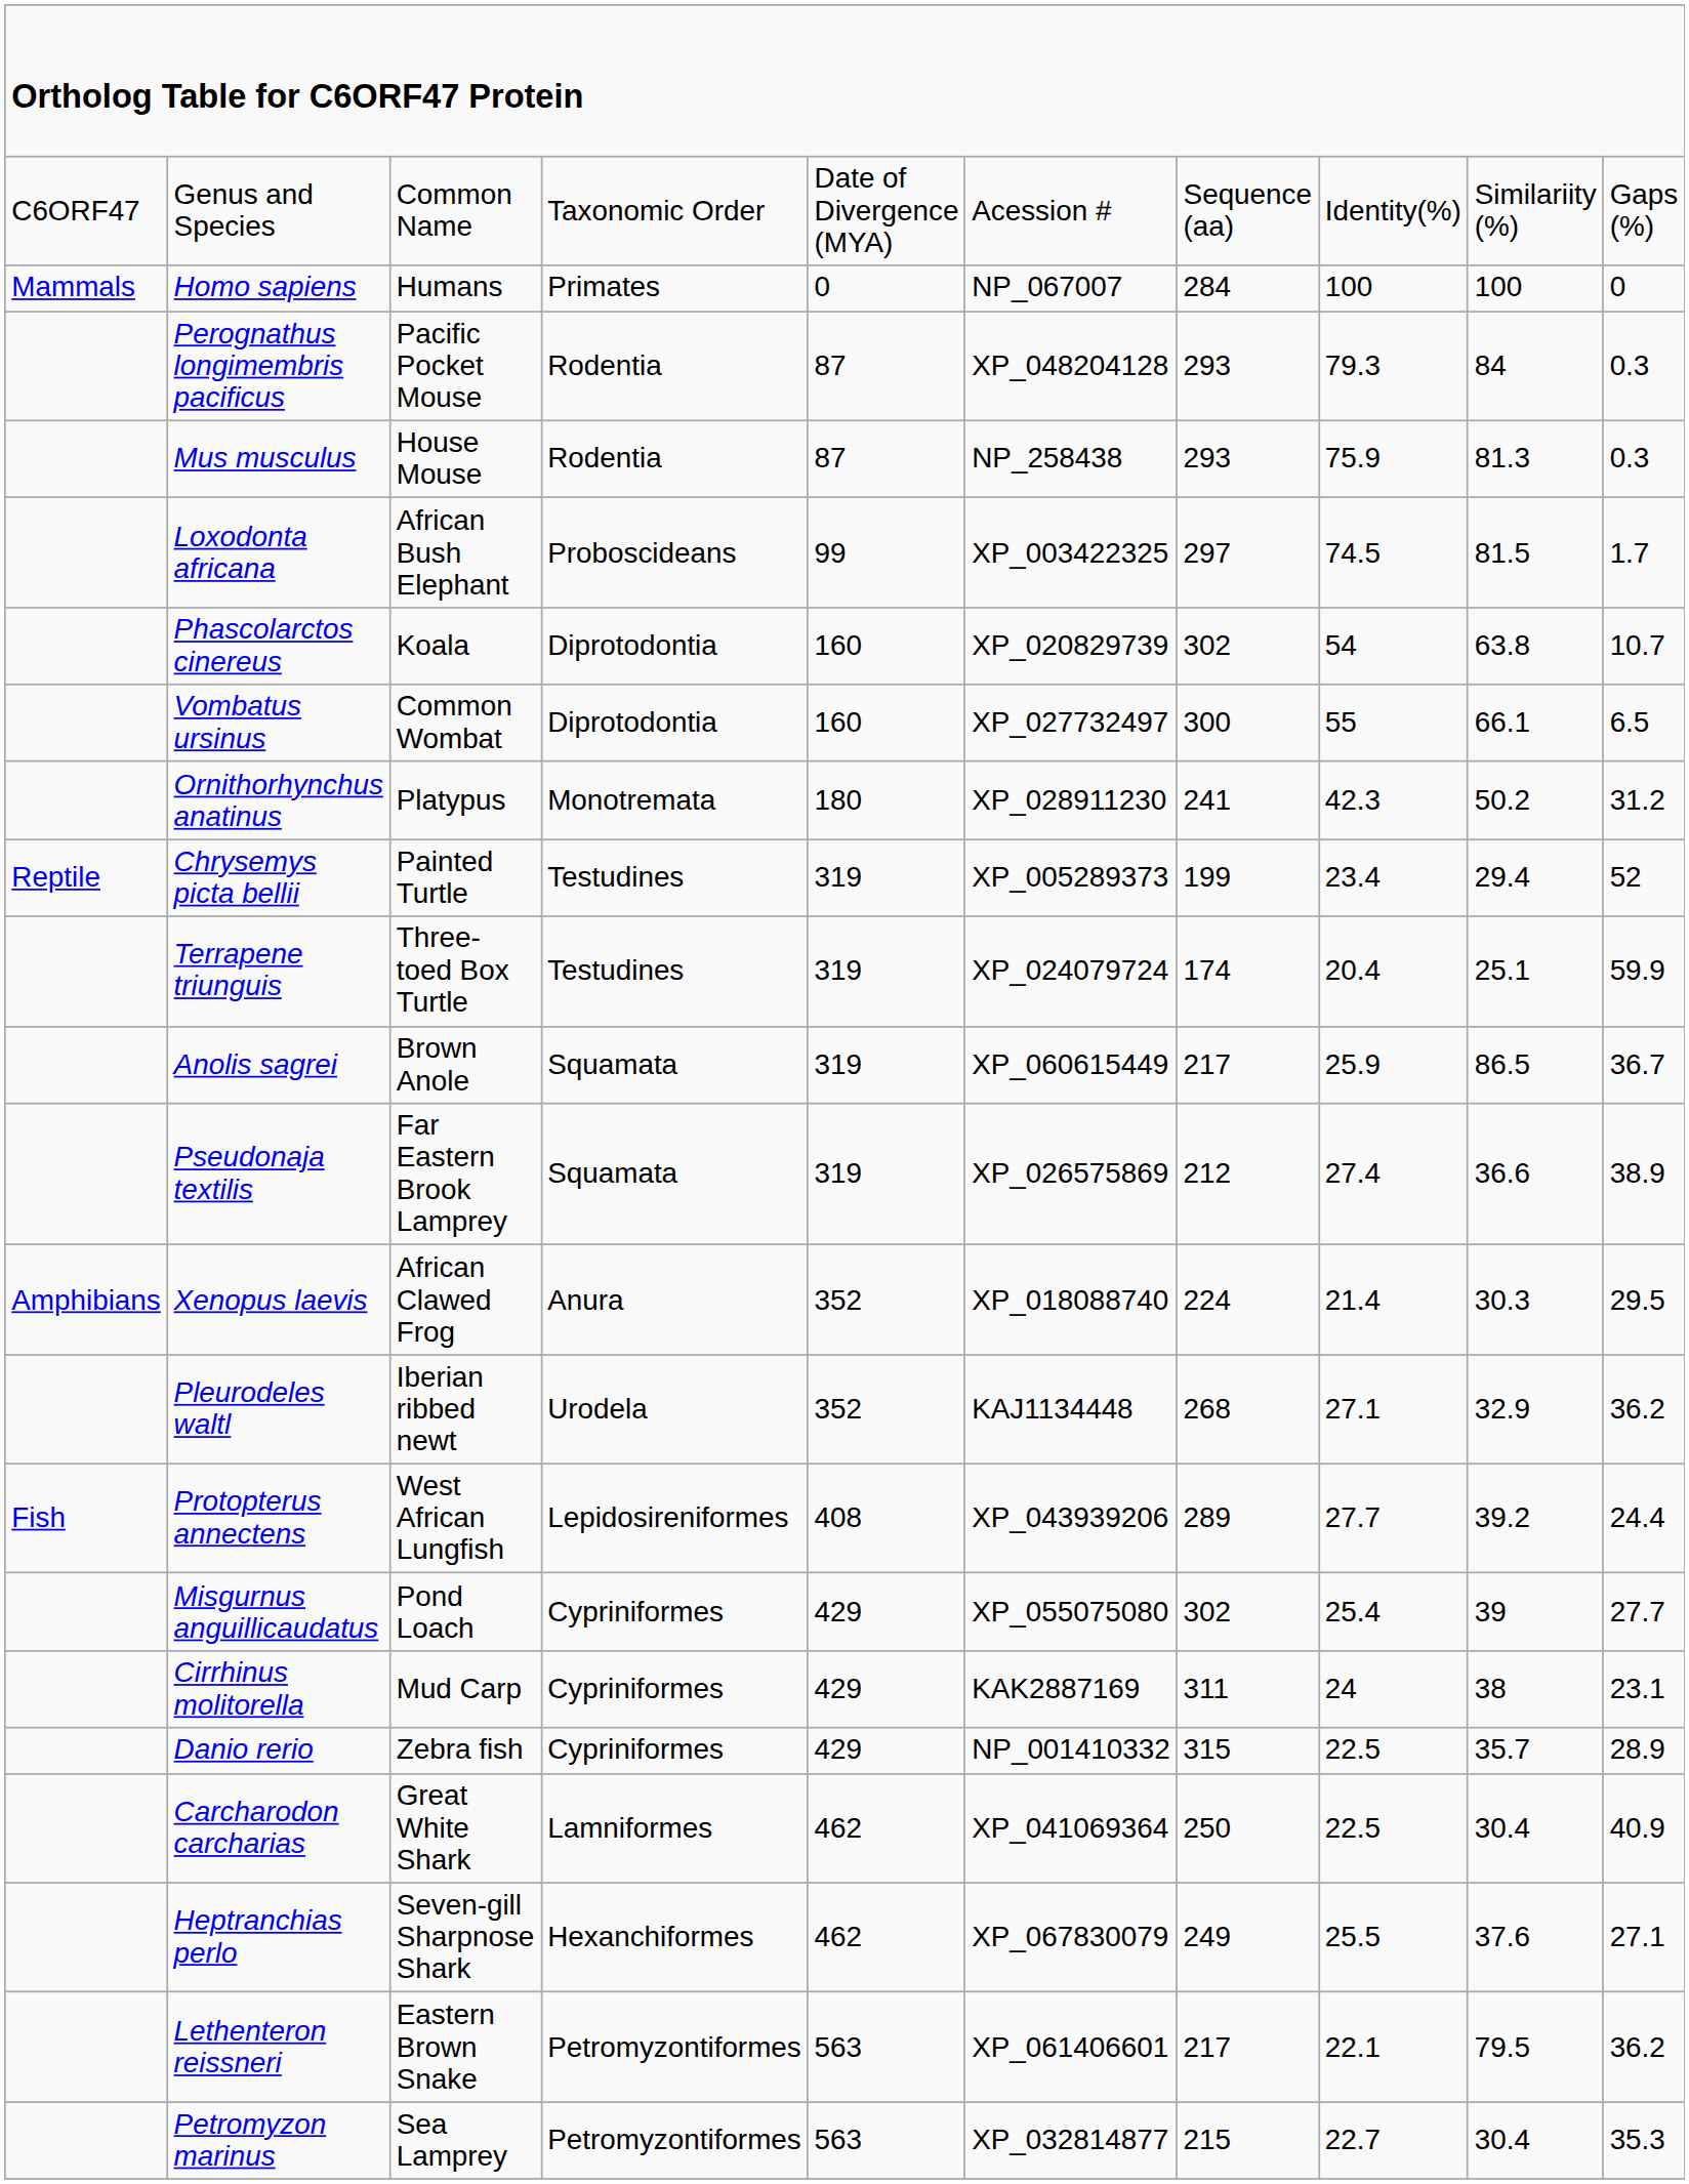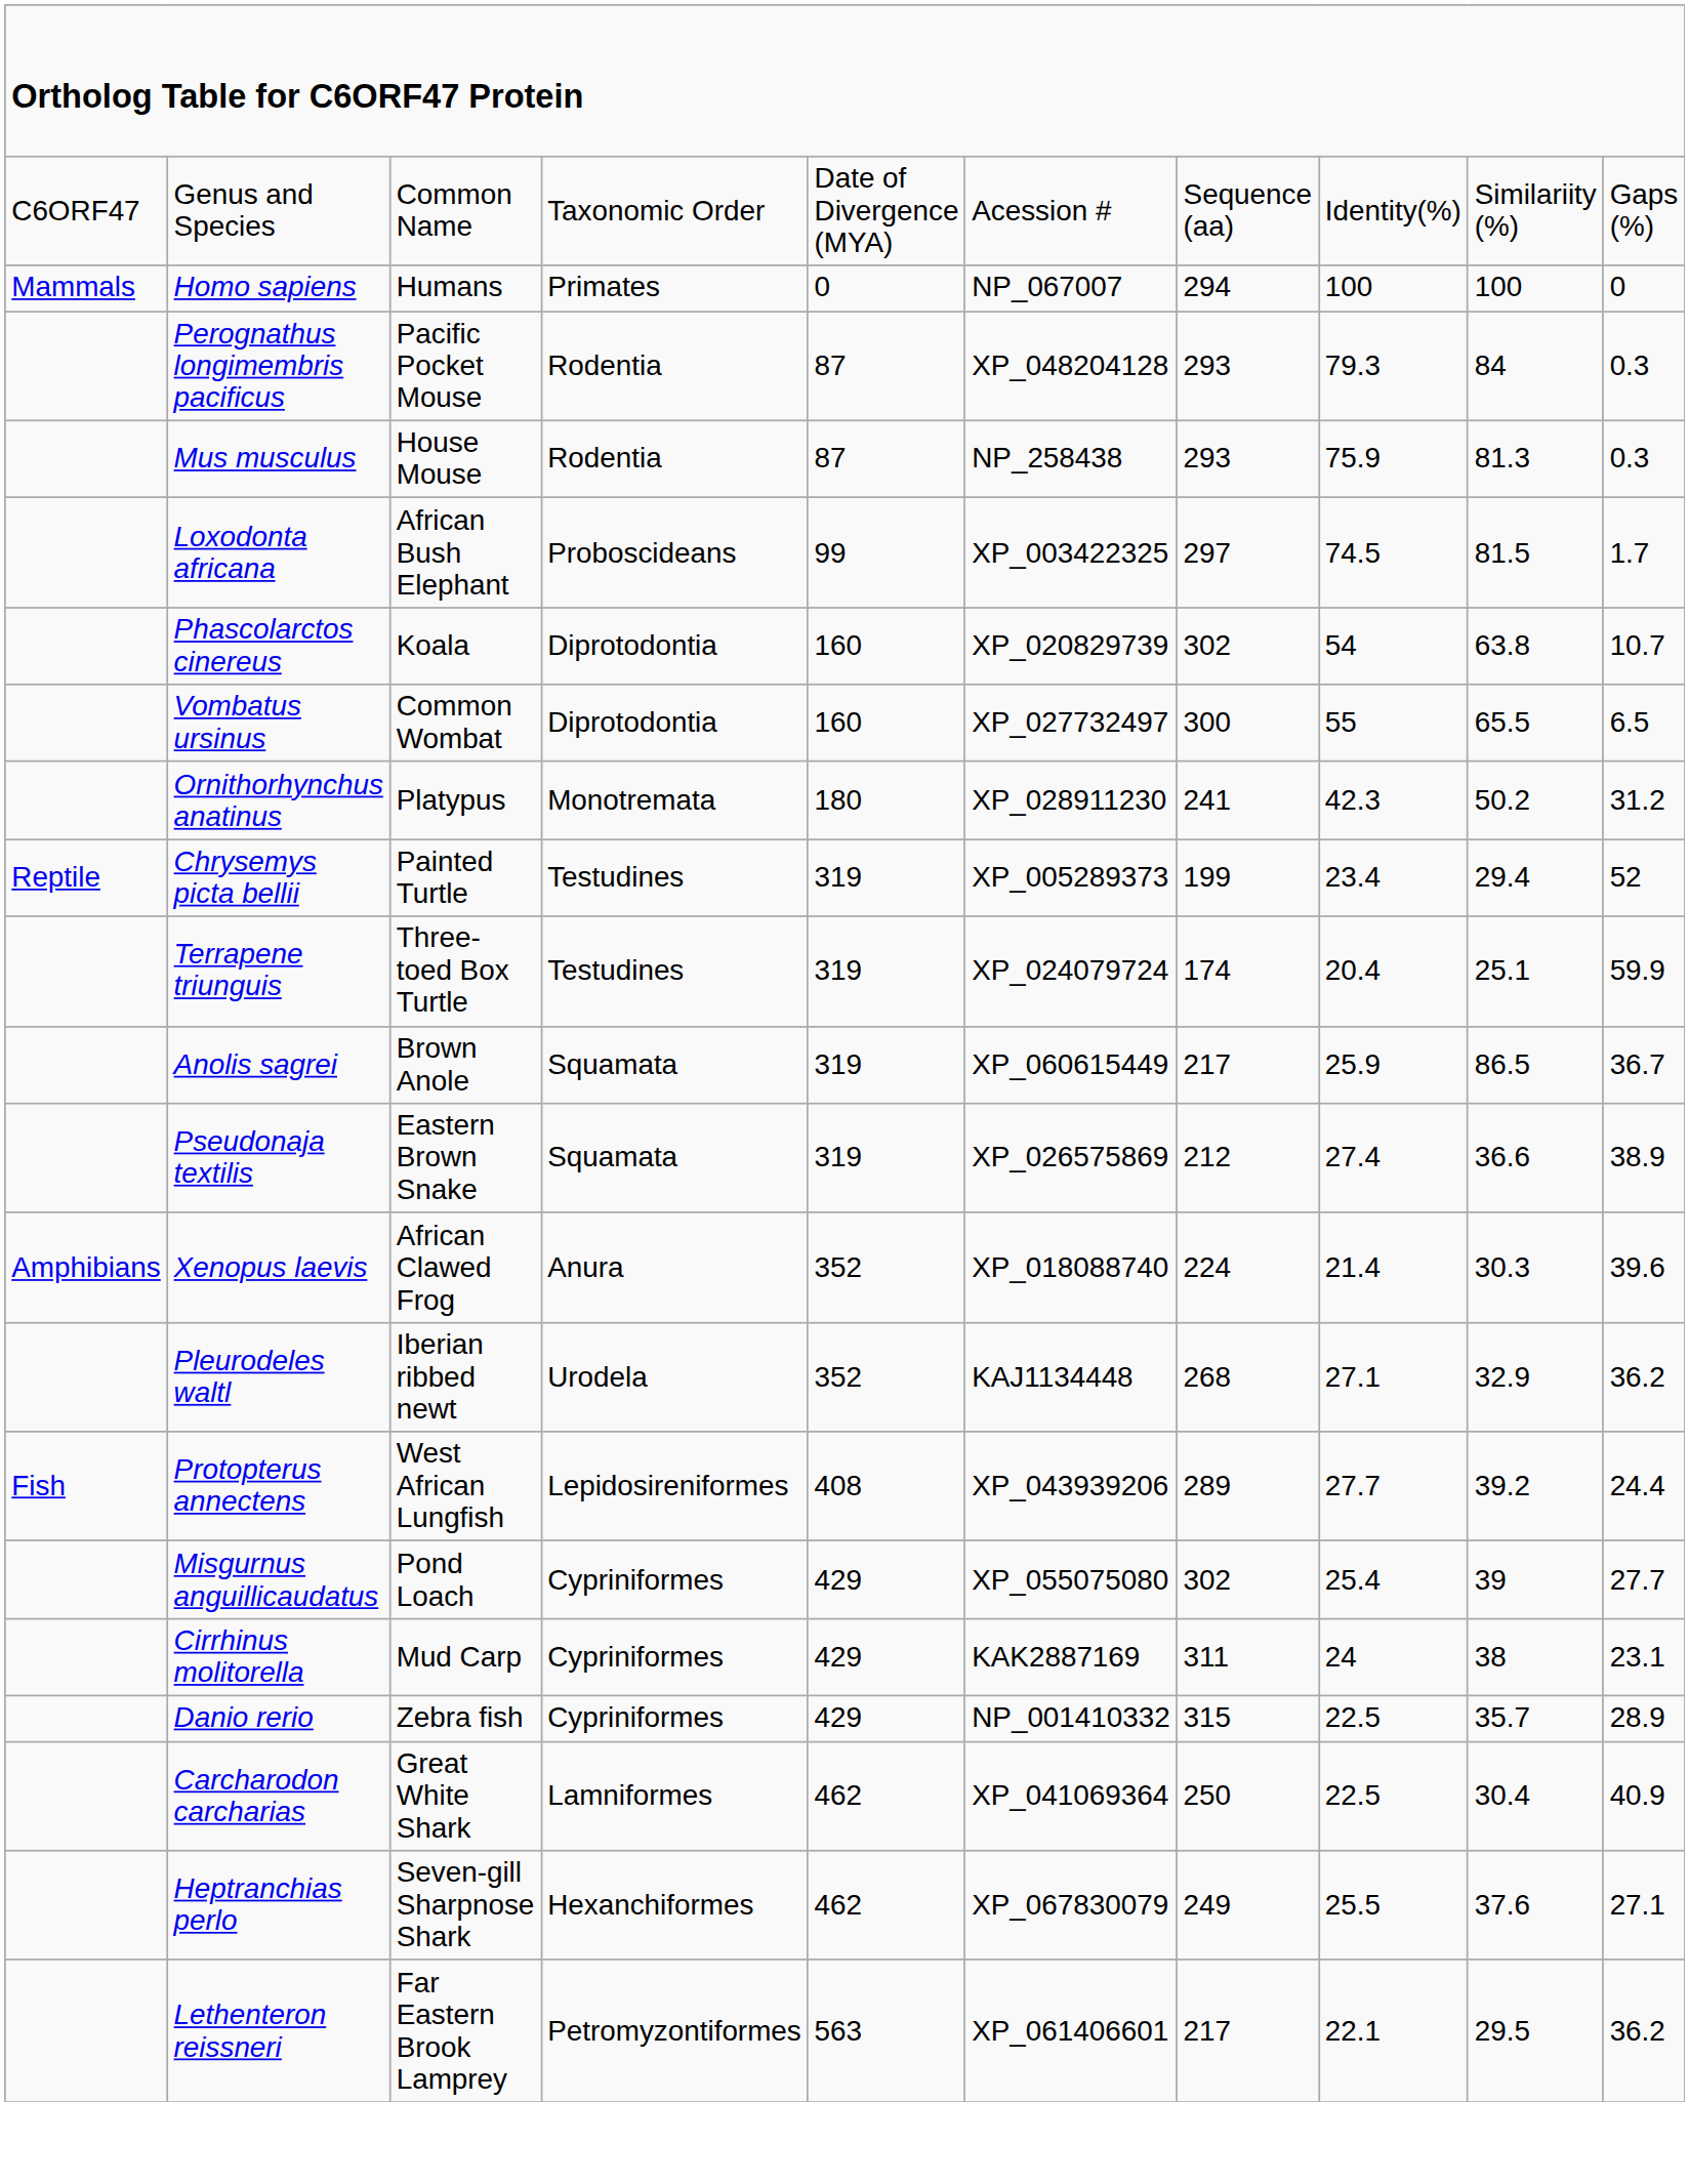 <table class="wikitable mw-collapsible mw-collapsed">
 <tr>
 <td colspan="10"><br><h3>Ortholog Table for C6ORF47 Protein</h3></td>
 </tr>
 <tr>
 <td>C6ORF47</td>
 <td>Genus and Species</td>
 <td>Common Name</td>
 <td>Taxonomic Order</td>
 <td>Date of Divergence (MYA)</td>
 <td>Acession #</td>
 <td>Sequence (aa)</td>
 <td>Identity(%)</td>
 <td>Similariity (%)</td>
 <td>Gaps (%)</td>
 </tr>
 <tr>
 <td><a href='#'>Mammals</a></td>
 <td><a href='#'><em>Homo sapiens</em></a></td>
 <td>Humans</td>
 <td>Primates</td>
 <td>0</td>
 <td>NP_067007</td>
-<td>284</td>
+<td>294</td>
 <td>100</td>
 <td>100</td>
 <td>0</td>
 </tr>
 <tr>
 <td></td>
 <td><a href='#'><em>Perognathus longimembris pacificus</em></a></td>
 <td>Pacific Pocket Mouse</td>
 <td>Rodentia</td>
 <td>87</td>
 <td>XP_048204128</td>
 <td>293</td>
 <td>79.3</td>
 <td>84</td>
 <td>0.3</td>
 </tr>
 <tr>
 <td></td>
 <td><a href='#'><em>Mus musculus</em></a></td>
 <td>House Mouse</td>
 <td>Rodentia</td>
 <td>87</td>
 <td>NP_258438</td>
 <td>293</td>
 <td>75.9</td>
 <td>81.3</td>
 <td>0.3</td>
 </tr>
 <tr>
 <td></td>
 <td><a href='#'><em>Loxodonta africana</em></a></td>
 <td>African Bush Elephant</td>
 <td>Proboscideans</td>
 <td>99</td>
 <td>XP_003422325</td>
 <td>297</td>
 <td>74.5</td>
 <td>81.5</td>
 <td>1.7</td>
 </tr>
 <tr>
 <td></td>
 <td><a href='#'><em>Phascolarctos cinereus</em></a></td>
 <td>Koala</td>
 <td>Diprotodontia</td>
 <td>160</td>
 <td>XP_020829739</td>
 <td>302</td>
 <td>54</td>
 <td>63.8</td>
 <td>10.7</td>
 </tr>
 <tr>
 <td></td>
 <td><a href='#'><em>Vombatus ursinus</em></a></td>
 <td>Common Wombat</td>
 <td>Diprotodontia</td>
 <td>160</td>
 <td>XP_027732497</td>
 <td>300</td>
 <td>55</td>
-<td>66.1</td>
+<td>65.5</td>
 <td>6.5</td>
 </tr>
 <tr>
 <td></td>
 <td><a href='#'><em>Ornithorhynchus anatinus</em></a></td>
 <td>Platypus</td>
 <td>Monotremata</td>
 <td>180</td>
 <td>XP_028911230</td>
 <td>241</td>
 <td>42.3</td>
 <td>50.2</td>
 <td>31.2</td>
 </tr>
 <tr>
 <td><a href='#'>Reptile</a></td>
 <td><a href='#'><em>Chrysemys picta bellii</em></a></td>
 <td>Painted Turtle</td>
 <td>Testudines</td>
 <td>319</td>
 <td>XP_005289373</td>
 <td>199</td>
 <td>23.4</td>
 <td>29.4</td>
 <td>52</td>
 </tr>
 <tr>
 <td></td>
 <td><a href='#'><em>Terrapene triunguis</em></a></td>
 <td>Three-toed Box Turtle</td>
 <td>Testudines</td>
 <td>319</td>
 <td>XP_024079724</td>
 <td>174</td>
 <td>20.4</td>
 <td>25.1</td>
 <td>59.9</td>
 </tr>
 <tr>
 <td></td>
 <td><a href='#'><em>Anolis sagrei</em></a></td>
 <td>Brown Anole</td>
 <td>Squamata</td>
 <td>319</td>
 <td>XP_060615449</td>
 <td>217</td>
 <td>25.9</td>
 <td>86.5</td>
 <td>36.7</td>
 </tr>
 <tr>
 <td></td>
 <td><a href='#'><em>Pseudonaja textilis</em></a></td>
-<td>Far Eastern Brook Lamprey</td>
+<td>Eastern Brown Snake</td>
 <td>Squamata</td>
 <td>319</td>
 <td>XP_026575869</td>
 <td>212</td>
 <td>27.4</td>
 <td>36.6</td>
 <td>38.9</td>
 </tr>
 <tr>
 <td><a href='#'>Amphibians</a></td>
 <td><a href='#'><em>Xenopus laevis</em></a></td>
 <td>African Clawed Frog</td>
 <td>Anura</td>
 <td>352</td>
 <td>XP_018088740</td>
 <td>224</td>
 <td>21.4</td>
 <td>30.3</td>
-<td>29.5</td>
+<td>39.6</td>
 </tr>
 <tr>
 <td></td>
 <td><a href='#'><em>Pleurodeles waltl</em></a></td>
 <td>Iberian ribbed newt</td>
 <td>Urodela</td>
 <td>352</td>
 <td>KAJ1134448</td>
 <td>268</td>
 <td>27.1</td>
 <td>32.9</td>
 <td>36.2</td>
 </tr>
 <tr>
 <td><a href='#'>Fish</a></td>
 <td><a href='#'><em>Protopterus annectens</em></a></td>
 <td>West African Lungfish</td>
 <td>Lepidosireniformes</td>
 <td>408</td>
 <td>XP_043939206</td>
 <td>289</td>
 <td>27.7</td>
 <td>39.2</td>
 <td>24.4</td>
 </tr>
 <tr>
 <td></td>
 <td><a href='#'><em>Misgurnus anguillicaudatus</em></a></td>
 <td>Pond Loach</td>
 <td>Cypriniformes</td>
 <td>429</td>
 <td>XP_055075080</td>
 <td>302</td>
 <td>25.4</td>
 <td>39</td>
 <td>27.7</td>
 </tr>
 <tr>
 <td></td>
 <td><em><a href='#'>Cirrhinus molitorella</a></em></td>
 <td>Mud Carp</td>
 <td>Cypriniformes</td>
 <td>429</td>
 <td>KAK2887169</td>
 <td>311</td>
 <td>24</td>
 <td>38</td>
 <td>23.1</td>
 </tr>
 <tr>
 <td></td>
 <td><a href='#'><em>Danio rerio</em></a></td>
 <td>Zebra fish</td>
 <td>Cypriniformes</td>
 <td>429</td>
 <td>NP_001410332</td>
 <td>315</td>
 <td>22.5</td>
 <td>35.7</td>
 <td>28.9</td>
 </tr>
 <tr>
 <td></td>
 <td><a href='#'><em>Carcharodon carcharias</em></a></td>
 <td>Great White Shark</td>
 <td>Lamniformes</td>
 <td>462</td>
 <td>XP_041069364</td>
 <td>250</td>
 <td>22.5</td>
 <td>30.4</td>
 <td>40.9</td>
 </tr>
 <tr>
 <td></td>
 <td><a href='#'><em>Heptranchias perlo</em></a></td>
 <td>Seven-gill Sharpnose Shark</td>
 <td>Hexanchiformes</td>
 <td>462</td>
 <td>XP_067830079</td>
 <td>249</td>
 <td>25.5</td>
 <td>37.6</td>
 <td>27.1</td>
 </tr>
 <tr>
 <td></td>
 <td><em><a href='#'>Lethenteron reissneri</a></em></td>
-<td>Eastern Brown Snake</td>
+<td>Far Eastern Brook Lamprey</td>
 <td>Petromyzontiformes</td>
 <td>563</td>
 <td>XP_061406601</td>
 <td>217</td>
 <td>22.1</td>
-<td>79.5</td>
+<td>29.5</td>
 <td>36.2</td>
 </tr>
-<tr>
-<td></td>
-<td><a href='#'><em>Petromyzon marinus</em></a></td>
-<td>Sea Lamprey</td>
-<td>Petromyzontiformes</td>
-<td>563</td>
-<td>XP_032814877</td>
-<td>215</td>
-<td>22.7</td>
-<td>30.4</td>
-<td>35.3</td>
-</tr>
 </table>
